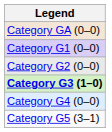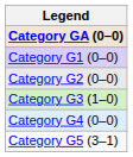 <table class=wikitable style=font-size:85%>
 <tr>
 <th>Legend</th>
 </tr>
 <tr bgcolor="F3E6D7">
-<td><a href='#'>Category GA</a> (0–0)</td>
+<td><strong><a href='#'>Category GA</a> (0–0)</strong></td>
 </tr>
 <tr bgcolor="d8cef6">
 <td><a href='#'>Category G1</a> (0–0)</td>
 </tr>
 <tr bgcolor="e9e9e9">
 <td><a href='#'>Category G2</a> (0–0)</td>
 </tr>
 <tr bgcolor="D4F1C5">
-<td><strong><a href='#'>Category G3</a> (1–0)</strong></td>
+<td><a href='#'>Category G3</a> (1–0)</td>
 </tr>
 <tr bgcolor="dfeeff">
 <td><a href='#'>Category G4</a> (0–0)</td>
 </tr>
 <tr>
 <td><a href='#'>Category G5</a> (3–1)</td>
 </tr>
 </table>
